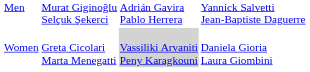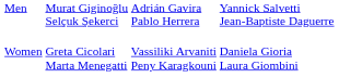 <table>
 <tr>
 <td><a href='#'>Men</a></td>
 <td><br><a href='#'>Murat Giginoğlu</a><br><a href='#'>Selçuk Şekerci</a></td>
 <td><br><a href='#'>Adrián Gavira</a><br><a href='#'>Pablo Herrera</a></td>
 <td><br><a href='#'>Yannick Salvetti</a><br><a href='#'>Jean-Baptiste Daguerre</a></td>
 </tr>
 <tr>
 <td><a href='#'>Women</a></td>
 <td><br><a href='#'>Greta Cicolari</a><br><a href='#'>Marta Menegatti</a></td>
-<td style="background: lightgrey;"><br><a href='#'>Vassiliki Arvaniti</a><br><a href='#'>Peny Karagkouni</a></td>
+<td><br><a href='#'>Vassiliki Arvaniti</a><br><a href='#'>Peny Karagkouni</a></td>
 <td><br><a href='#'>Daniela Gioria</a><br><a href='#'>Laura Giombini</a></td>
 </tr>
 </table>
